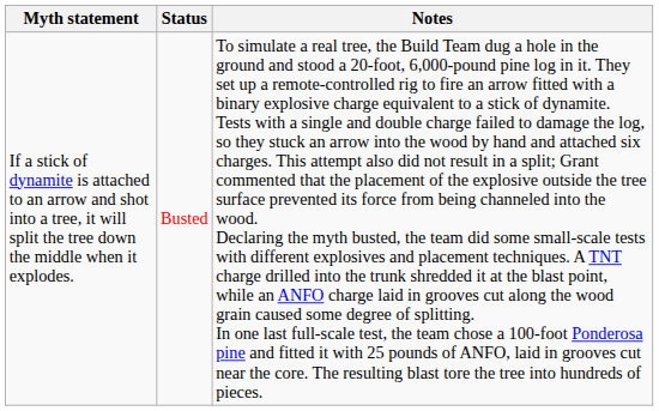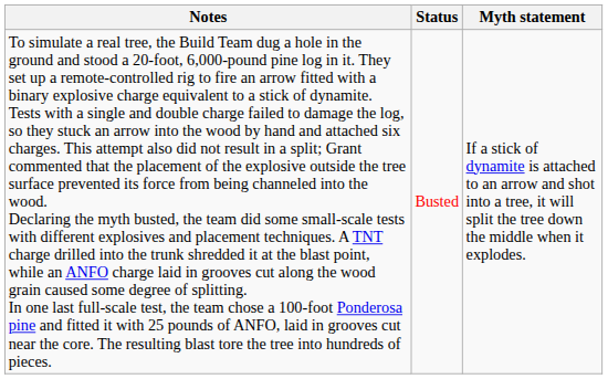 <table class="wikitable plainrowheaders">
 <tr>
+<th>Notes</th>
+<th>Status</th>
 <th>Myth statement</th>
-<th>Status</th>
-<th>Notes</th>
 </tr>
 <tr>
+<td>To simulate a real tree, the Build Team dug a hole in the ground and stood a 20-foot, 6,000-pound pine log in it. They set up a remote-controlled rig to fire an arrow fitted with a binary explosive charge equivalent to a stick of dynamite. Tests with a single and double charge failed to damage the log, so they stuck an arrow into the wood by hand and attached six charges. This attempt also did not result in a split; Grant commented that the placement of the explosive outside the tree surface prevented its force from being channeled into the wood.<br>Declaring the myth busted, the team did some small-scale tests with different explosives and placement techniques. A <a href='#'>TNT</a> charge drilled into the trunk shredded it at the blast point, while an <a href='#'>ANFO</a> charge laid in grooves cut along the wood grain caused some degree of splitting.<br>In one last full-scale test, the team chose a 100-foot <a href='#'>Ponderosa pine</a> and fitted it with 25 pounds of ANFO, laid in grooves cut near the core. The resulting blast tore the tree into hundreds of pieces.</td>
+<td style="color:red">Busted</td>
 <td>If a stick of <a href='#'>dynamite</a> is attached to an arrow and shot into a tree, it will split the tree down the middle when it explodes.</td>
-<td style="color:red">Busted</td>
-<td>To simulate a real tree, the Build Team dug a hole in the ground and stood a 20-foot, 6,000-pound pine log in it. They set up a remote-controlled rig to fire an arrow fitted with a binary explosive charge equivalent to a stick of dynamite. Tests with a single and double charge failed to damage the log, so they stuck an arrow into the wood by hand and attached six charges. This attempt also did not result in a split; Grant commented that the placement of the explosive outside the tree surface prevented its force from being channeled into the wood.<br>Declaring the myth busted, the team did some small-scale tests with different explosives and placement techniques. A <a href='#'>TNT</a> charge drilled into the trunk shredded it at the blast point, while an <a href='#'>ANFO</a> charge laid in grooves cut along the wood grain caused some degree of splitting.<br>In one last full-scale test, the team chose a 100-foot <a href='#'>Ponderosa pine</a> and fitted it with 25 pounds of ANFO, laid in grooves cut near the core. The resulting blast tore the tree into hundreds of pieces.</td>
 </tr>
 </table>
